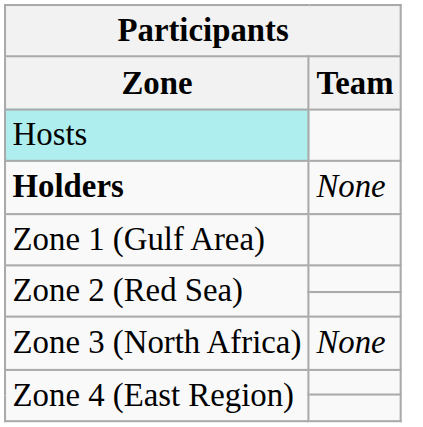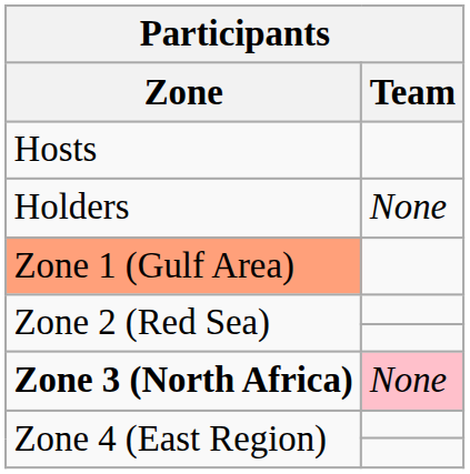 <table class="wikitable">
 <tr>
 <th colspan=2>Participants</th>
 </tr>
 <tr>
 <th>Zone</th>
 <th>Team</th>
 </tr>
 <tr>
-<td rowspan=1 style="background: paleturquoise;">Hosts</td>
+<td rowspan=1>Hosts</td>
 <td></td>
 </tr>
 <tr>
-<td rowspan=1><strong>Holders</strong></td>
+<td rowspan=1>Holders</td>
 <td><em>None</em></td>
 </tr>
 <tr>
-<td rowspan=1>Zone 1 (Gulf Area)</td>
+<td rowspan=1 style="background: lightsalmon;">Zone 1 (Gulf Area)</td>
 <td></td>
 </tr>
 <tr>
 <td rowspan=2>Zone 2 (Red Sea)</td>
 <td></td>
 </tr>
 <tr>
 <td></td>
 </tr>
 <tr>
-<td rowspan=1>Zone 3 (North Africa)</td>
-<td><em>None</em></td>
+<td rowspan=1><strong>Zone 3 (North Africa)</strong></td>
+<td style="background: pink;"><em>None</em></td>
 </tr>
 <tr>
 <td rowspan=2>Zone 4 (East Region)</td>
 <td></td>
 </tr>
 <tr>
 <td></td>
 </tr>
 </table>
